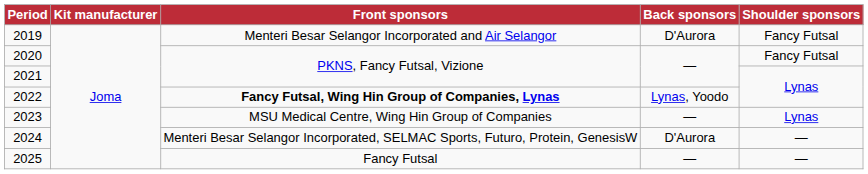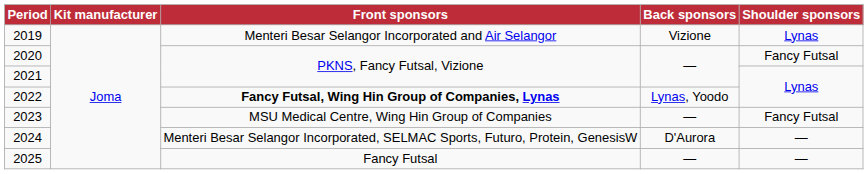 <table class="wikitable" style="text-align:center;">
 <tr>
 <th style="background:#bd2c38; color:white;">Period</th>
 <th style="background:#bd2c38; color:white;">Kit manufacturer</th>
 <th style="background:#bd2c38; color:white;">Front sponsors</th>
 <th style="background:#bd2c38; color:white;">Back sponsors</th>
 <th style="background:#bd2c38; color:white;">Shoulder sponsors</th>
 </tr>
 <tr>
 <td>2019</td>
 <td rowspan="7"><a href='#'>Joma</a></td>
 <td>Menteri Besar Selangor Incorporated and <a href='#'>Air Selangor</a></td>
-<td>D'Aurora</td>
-<td>Fancy Futsal</td>
+<td>Vizione</td>
+<td><a href='#'>Lynas</a></td>
 </tr>
 <tr>
 <td>2020</td>
 <td rowspan="2"><a href='#'>PKNS</a>, Fancy Futsal, Vizione</td>
 <td rowspan="2">—</td>
 <td>Fancy Futsal</td>
 </tr>
 <tr>
 <td>2021</td>
 <td rowspan="2"><a href='#'>Lynas</a></td>
 </tr>
 <tr>
 <td>2022</td>
 <td><strong>Fancy Futsal, Wing Hin Group of Companies, <a href='#'>Lynas</a></strong></td>
 <td><a href='#'>Lynas</a>, Yoodo</td>
 </tr>
 <tr>
 <td>2023</td>
 <td>MSU Medical Centre, Wing Hin Group of Companies</td>
 <td>—</td>
-<td><a href='#'>Lynas</a></td>
+<td>Fancy Futsal</td>
 </tr>
 <tr>
 <td>2024</td>
 <td>Menteri Besar Selangor Incorporated, SELMAC Sports, Futuro, Protein, GenesisW</td>
 <td>D'Aurora</td>
 <td>—</td>
 </tr>
 <tr>
 <td>2025</td>
 <td>Fancy Futsal</td>
 <td>—</td>
 <td>—</td>
 </tr>
 </table>
